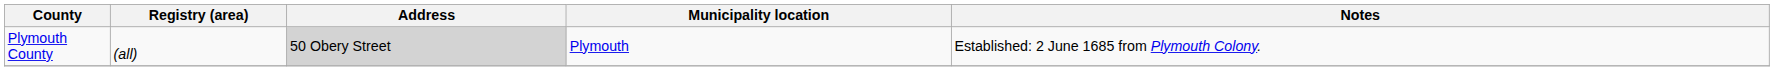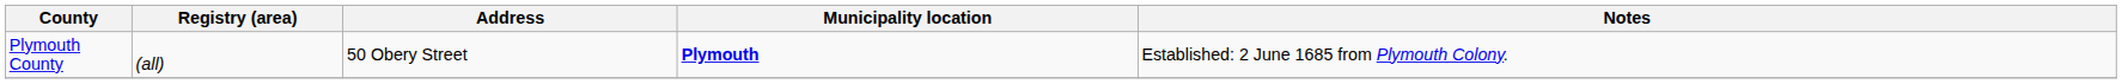 <table class="wikitable" width="100%">
 <tr>
 <th style="width:6%">County</th>
 <th style="width:10%">Registry (area)</th>
 <th>Address</th>
 <th>Municipality location</th>
 <th>Notes</th>
 </tr>
 <tr>
 <td><a href='#'>Plymouth County</a></td>
 <td><br><em>(all)</em></td>
-<td style="background: lightgrey;">50 Obery Street</td>
-<td><a href='#'>Plymouth</a></td>
+<td>50 Obery Street</td>
+<td><strong><a href='#'>Plymouth</a></strong></td>
 <td>Established: 2 June 1685 from <em><a href='#'>Plymouth Colony</a>.</em></td>
 </tr>
 <tr>
 </tr>
 </table>
